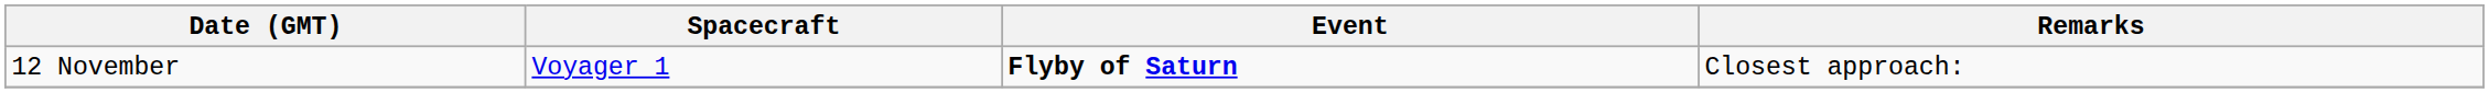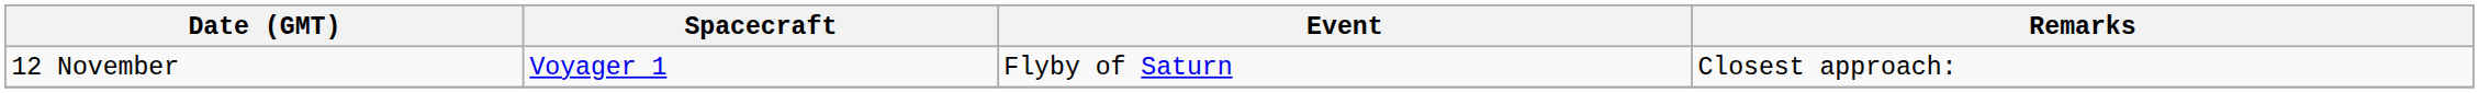 <table class=wikitable width="100%">
 <tr>
 <th>Date (GMT)</th>
 <th>Spacecraft</th>
 <th>Event</th>
 <th>Remarks</th>
 </tr>
 <tr>
 <td>12 November</td>
 <td><a href='#'>Voyager 1</a></td>
-<td><strong>Flyby of <a href='#'>Saturn</a></strong></td>
+<td>Flyby of <a href='#'>Saturn</a></td>
 <td>Closest approach: </td>
 </tr>
 <tr>
 </tr>
 </table>
